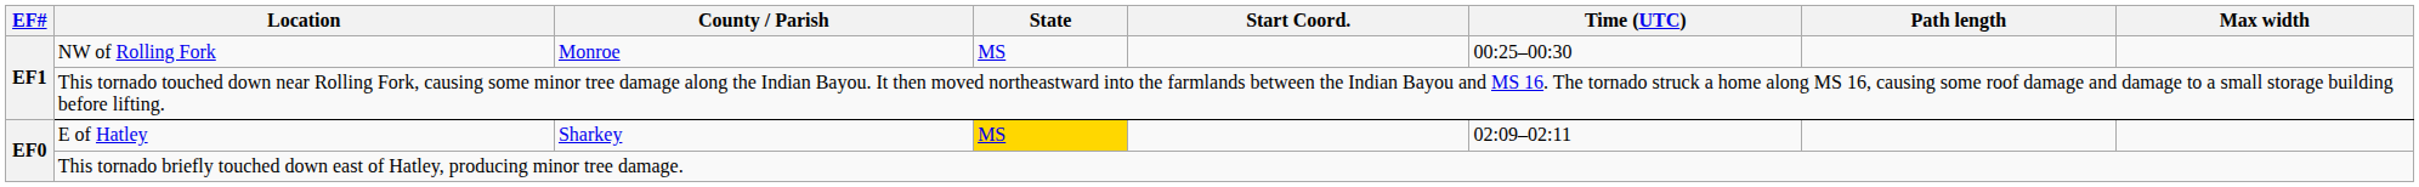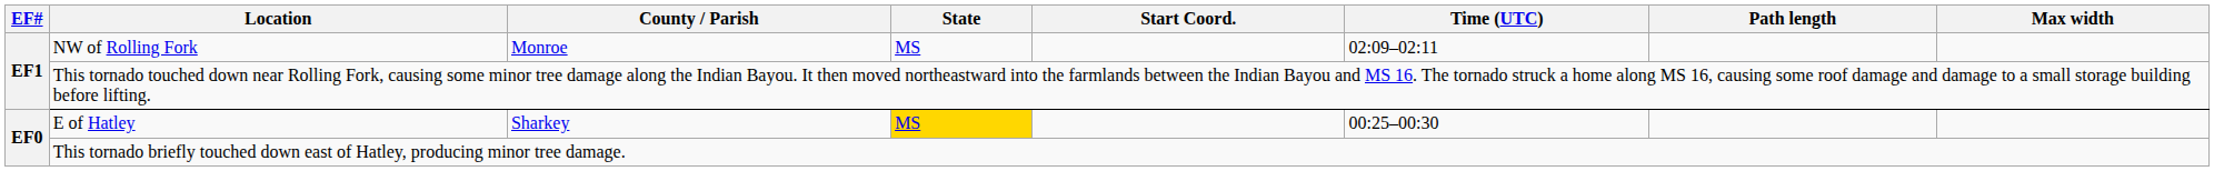 <table class="wikitable sortable" style="width:100%;">
 <tr>
 <th scope="col" width="2%" align="center"><a href='#'>EF#</a></th>
 <th scope="col" align="center" class="unsortable">Location</th>
 <th scope="col" align="center" class="unsortable">County / Parish</th>
 <th scope="col" align="center">State</th>
 <th scope="col" align="center">Start Coord.</th>
 <th scope="col" align="center">Time (<a href='#'>UTC</a>)</th>
 <th scope="col" align="center">Path length</th>
 <th scope="col" align="center">Max width</th>
 </tr>
 <tr>
 <th scope="row" rowspan="2" style="background-color:#">EF1</th>
 <td>NW of <a href='#'>Rolling Fork</a></td>
 <td><a href='#'>Monroe</a></td>
 <td><a href='#'>MS</a></td>
 <td></td>
-<td>00:25–00:30</td>
+<td>02:09–02:11</td>
 <td></td>
 <td></td>
 </tr>
 <tr class="expand-child">
 <td colspan="8" style=" border-bottom: 1px solid black;">This tornado touched down near Rolling Fork, causing some minor tree damage along the Indian Bayou. It then moved northeastward into the farmlands between the Indian Bayou and <a href='#'>MS 16</a>. The tornado struck a home along MS 16, causing some roof damage and damage to a small storage building before lifting.</td>
 </tr>
 <tr>
 <th scope="row" rowspan="2" style="background-color:#">EF0</th>
 <td>E of <a href='#'>Hatley</a></td>
 <td><a href='#'>Sharkey</a></td>
 <td style="background: gold;"><a href='#'>MS</a></td>
 <td></td>
-<td>02:09–02:11</td>
+<td>00:25–00:30</td>
 <td></td>
 <td></td>
 </tr>
 <tr class="expand-child">
 <td colspan="8" style=" border-bottom: 1px solid black;">This tornado briefly touched down east of Hatley, producing minor tree damage.</td>
 </tr>
 <tr>
 </tr>
 </table>
